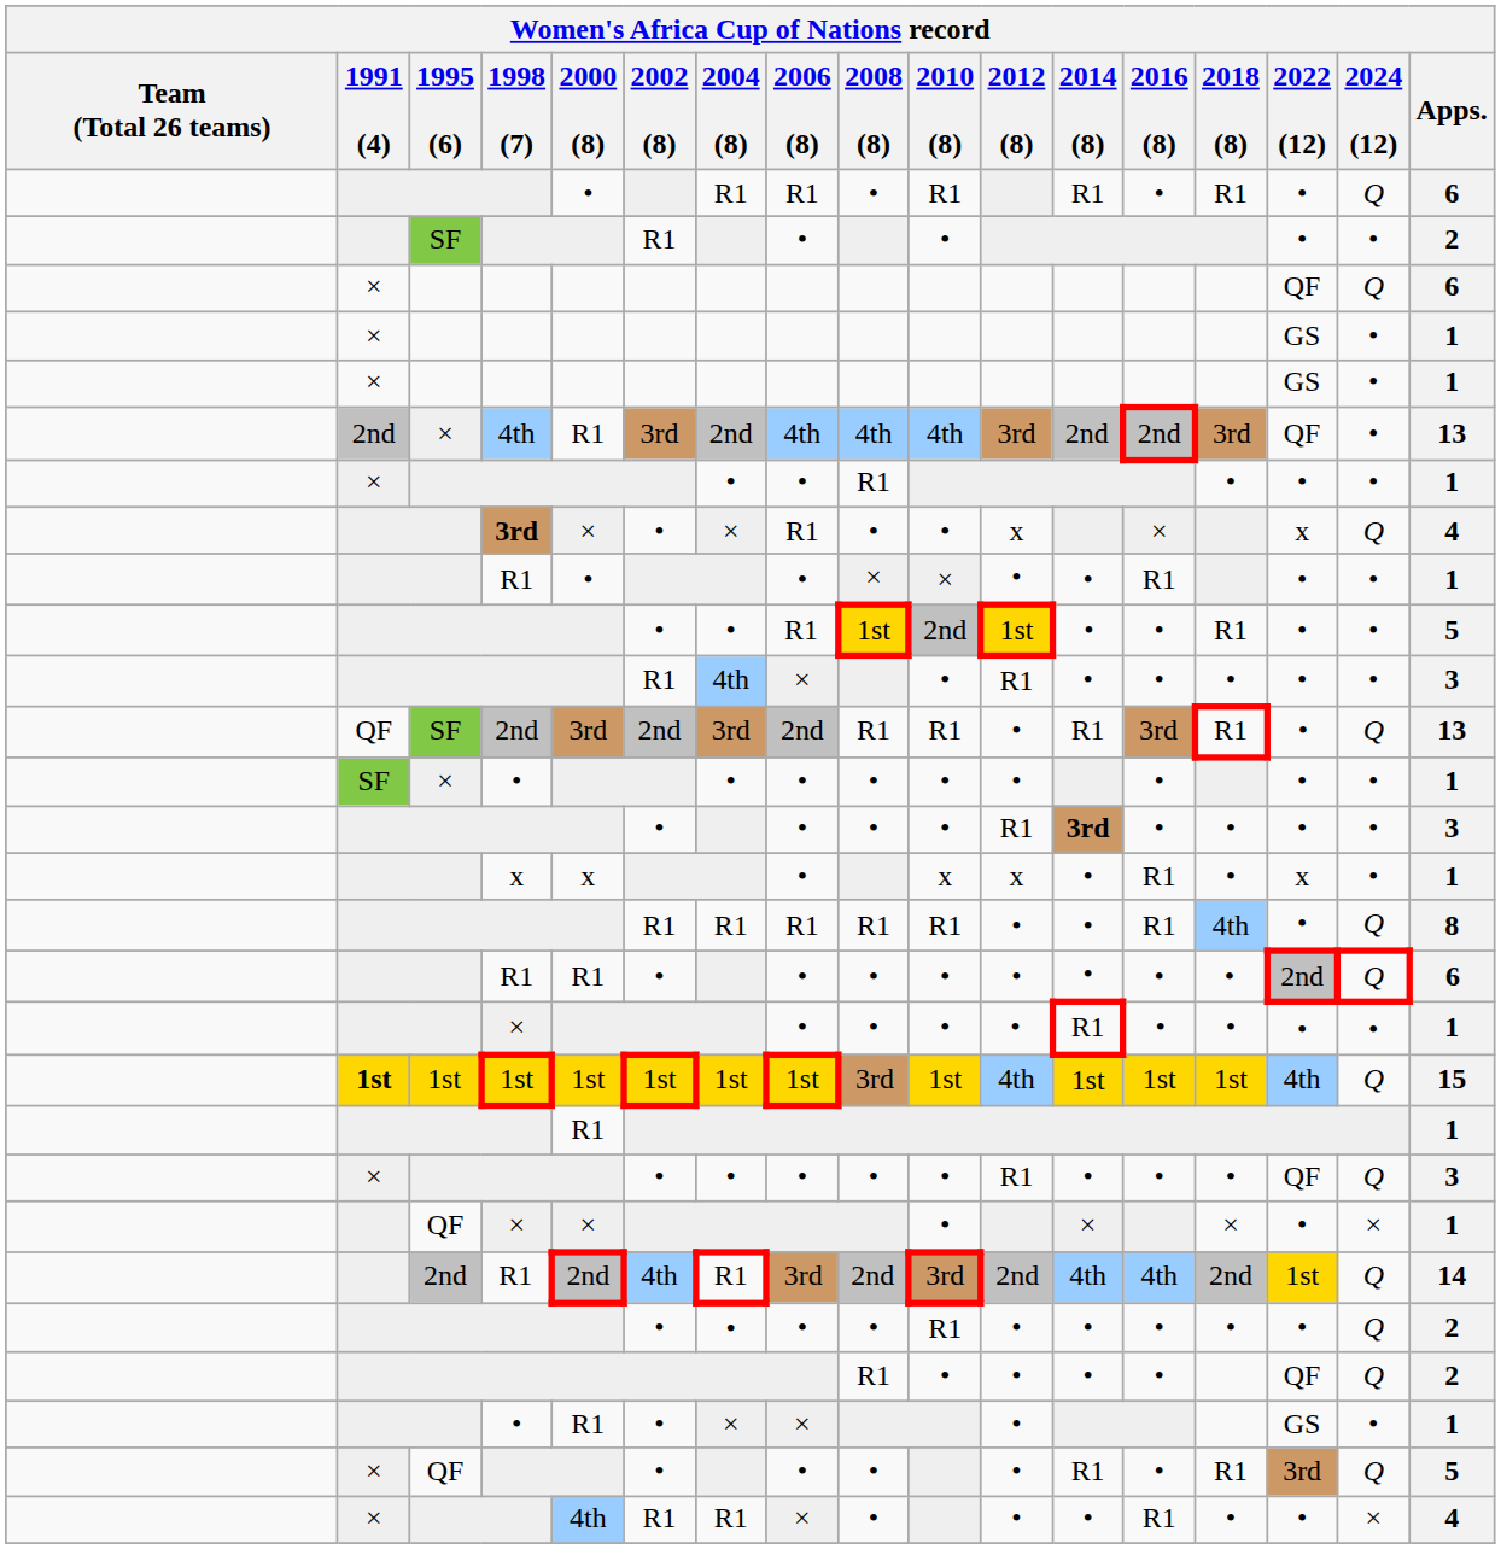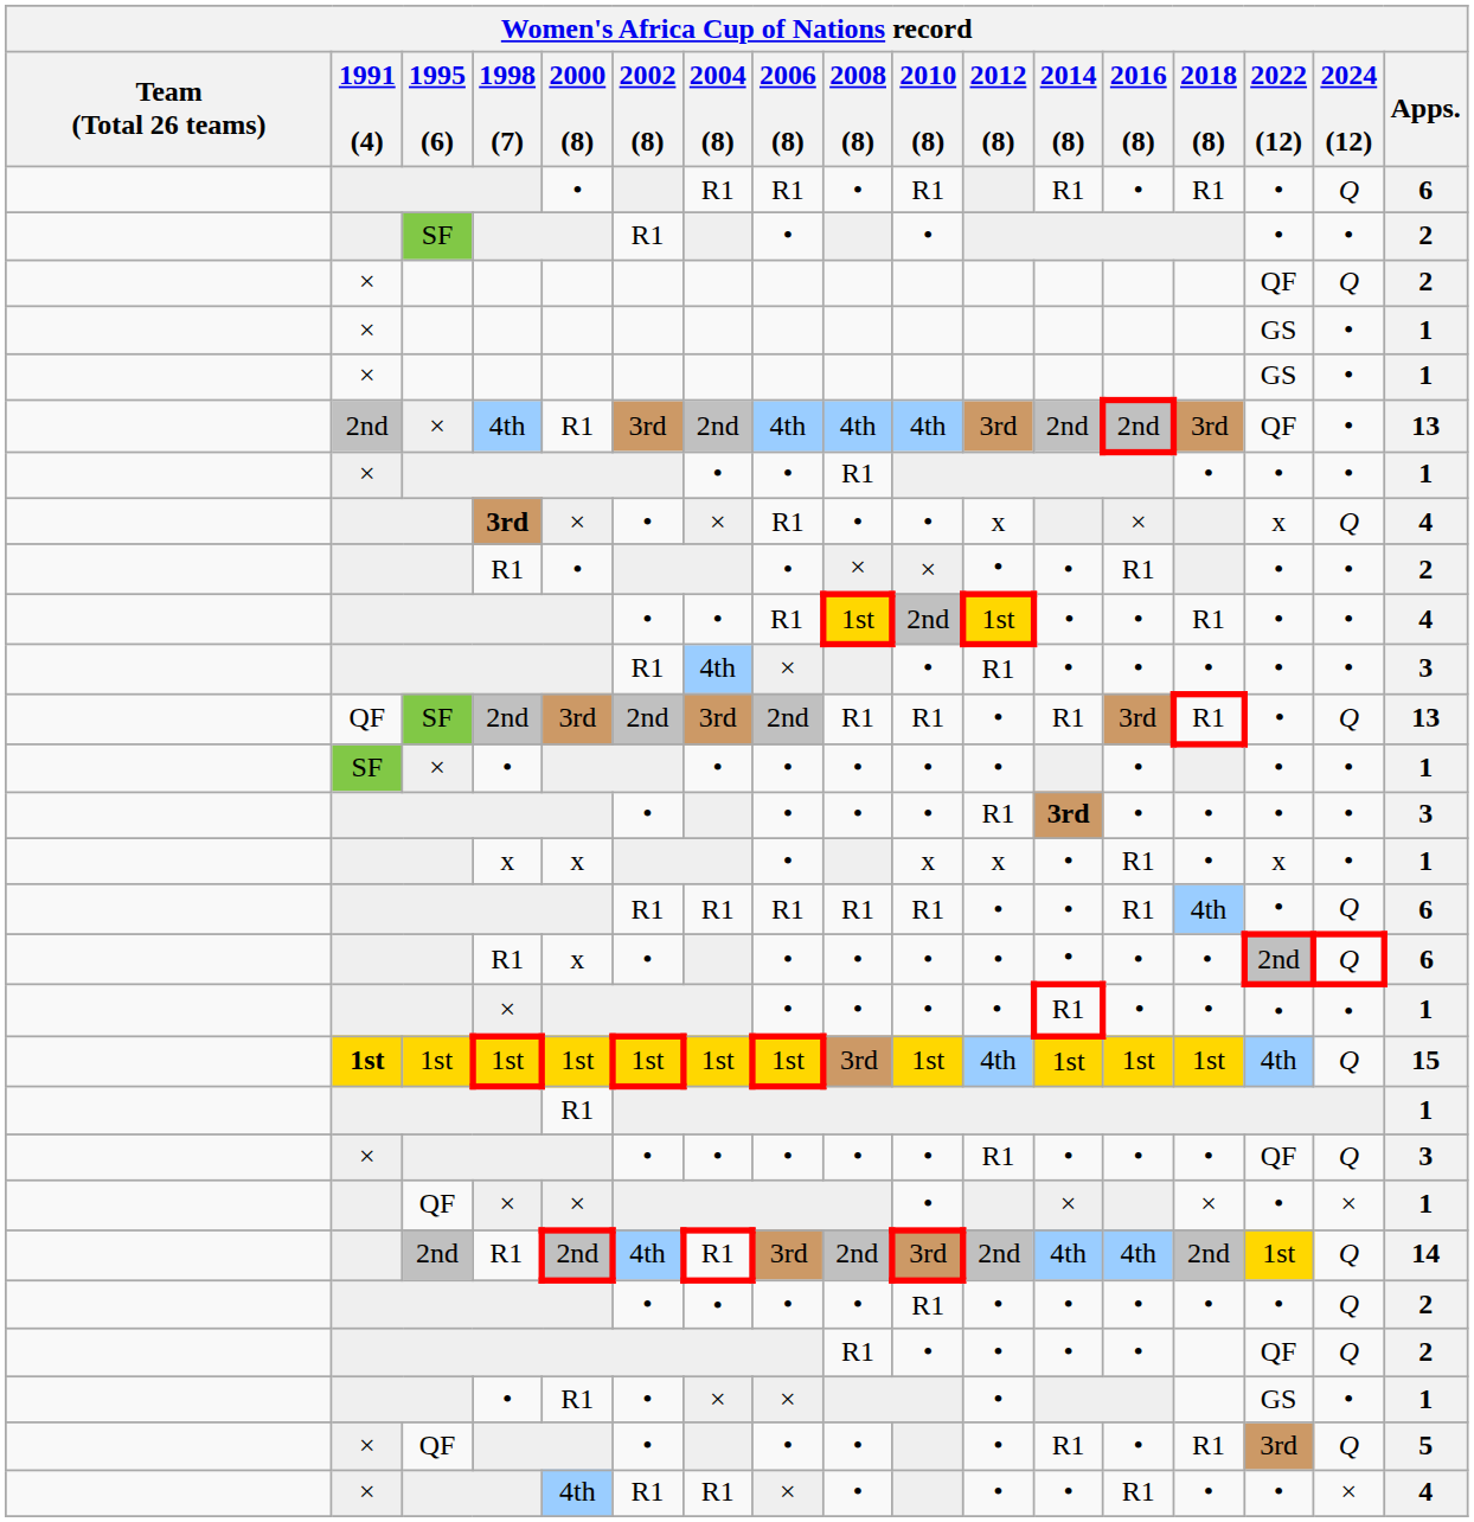 <table class="wikitable" style="text-align:center; font-size:85%">
 <tr>
 <th colspan=18><a href='#'>Women's Africa Cup of Nations</a> record</th>
 </tr>
 <tr>
 <th width=150>Team<br>(Total 26 teams)</th>
 <th><a href='#'>1991</a><br><br>(4)</th>
 <th><a href='#'>1995</a><br><br>(6)</th>
 <th><a href='#'>1998</a><br><br>(7)</th>
 <th><a href='#'>2000</a><br><br>(8)</th>
 <th><a href='#'>2002</a><br><br>(8)</th>
 <th><a href='#'>2004</a><br><br>(8)</th>
 <th><a href='#'>2006</a><br><br>(8)</th>
 <th><a href='#'>2008</a><br><br>(8)</th>
 <th><a href='#'>2010</a><br><br>(8)</th>
 <th><a href='#'>2012</a><br><br>(8)</th>
 <th><a href='#'>2014</a><br><br>(8)</th>
 <th><a href='#'>2016</a><br><br>(8)</th>
 <th><a href='#'>2018</a><br><br>(8)</th>
 <th><a href='#'>2022</a><br><br>(12)</th>
 <th><a href='#'>2024</a><br><br>(12)</th>
 <th>Apps.</th>
 </tr>
 <tr>
 <td align=left></td>
 <td colspan=3 bgcolor="#efefef"></td>
 <td>•</td>
 <td bgcolor="#efefef"></td>
 <td>R1</td>
 <td>R1</td>
 <td>•</td>
 <td>R1</td>
 <td bgcolor="#efefef"></td>
 <td>R1</td>
 <td>•</td>
 <td>R1</td>
 <td>•</td>
 <td><em>Q</em></td>
 <th>6</th>
 </tr>
 <tr>
 <td align=left></td>
 <td bgcolor="#efefef"></td>
 <td style="background:#81c846">SF</td>
 <td colspan=2 bgcolor="#efefef"></td>
 <td>R1</td>
 <td bgcolor="#efefef"></td>
 <td>•</td>
 <td bgcolor="#efefef"></td>
 <td>•</td>
 <td colspan=4 bgcolor="#efefef"></td>
 <td>•</td>
 <td>•</td>
 <th>2</th>
 </tr>
 <tr>
 <td align=left></td>
 <td>×</td>
 <td></td>
 <td></td>
 <td></td>
 <td></td>
 <td></td>
 <td></td>
 <td></td>
 <td></td>
 <td></td>
 <td></td>
 <td></td>
 <td></td>
 <td>QF</td>
 <td><em>Q</em></td>
-<th>6</th>
+<th>2</th>
 </tr>
 <tr>
 <td align=left></td>
 <td>×</td>
 <td></td>
 <td></td>
 <td></td>
 <td></td>
 <td></td>
 <td></td>
 <td></td>
 <td></td>
 <td></td>
 <td></td>
 <td></td>
 <td></td>
 <td>GS</td>
 <td>•</td>
 <th>1</th>
 </tr>
 <tr>
 <td align=left></td>
 <td>×</td>
 <td></td>
 <td></td>
 <td></td>
 <td></td>
 <td></td>
 <td></td>
 <td></td>
 <td></td>
 <td></td>
 <td></td>
 <td></td>
 <td></td>
 <td>GS</td>
 <td>•</td>
 <th>1</th>
 </tr>
 <tr>
 <td align=left></td>
 <td bgcolor=Silver>2nd</td>
 <td bgcolor="#efefef">×</td>
 <td bgcolor=#9acdff>4th</td>
 <td>R1</td>
 <td bgcolor=#cc9966>3rd</td>
 <td bgcolor=Silver>2nd</td>
 <td bgcolor=#9acdff>4th</td>
 <td bgcolor=#9acdff>4th</td>
 <td bgcolor=#9acdff>4th</td>
 <td bgcolor=#cc9966>3rd</td>
 <td bgcolor=Silver>2nd</td>
 <td style="border: 3px solid red" bgcolor=Silver>2nd</td>
 <td bgcolor=#cc9966>3rd</td>
 <td>QF</td>
 <td>•</td>
 <th>13</th>
 </tr>
 <tr>
 <td align=left></td>
 <td bgcolor="#efefef">×</td>
 <td colspan=4 bgcolor="#efefef"></td>
 <td>•</td>
 <td>•</td>
 <td>R1</td>
 <td colspan=4 bgcolor="#efefef"></td>
 <td>•</td>
 <td>•</td>
 <td>•</td>
 <th>1</th>
 </tr>
 <tr>
 <td align=left></td>
 <td colspan=2 bgcolor="#efefef"></td>
 <td bgcolor=#cc9966><strong>3rd</strong></td>
 <td bgcolor="#efefef">×</td>
 <td>•</td>
 <td bgcolor="#efefef">×</td>
 <td>R1</td>
 <td>•</td>
 <td>•</td>
 <td>x</td>
 <td bgcolor="#efefef"></td>
 <td bgcolor="#efefef">×</td>
 <td bgcolor="#efefef"></td>
 <td>x</td>
 <td><em>Q</em></td>
 <th>4</th>
 </tr>
 <tr>
 <td align=left></td>
 <td colspan=2 bgcolor="#efefef"></td>
 <td>R1</td>
 <td>•</td>
 <td colspan=2 bgcolor="#efefef"></td>
 <td>•</td>
 <td bgcolor="#efefef">×</td>
 <td bgcolor="#efefef">×</td>
 <td>•</td>
 <td>•</td>
 <td>R1</td>
 <td bgcolor="#efefef"></td>
 <td>•</td>
 <td>•</td>
-<th>1</th>
+<th>2</th>
 </tr>
 <tr>
 <td align=left></td>
 <td colspan=4 bgcolor="#efefef"></td>
 <td>•</td>
 <td>•</td>
 <td>R1</td>
 <td style="border: 3px solid red" bgcolor=Gold>1st</td>
 <td bgcolor=Silver>2nd</td>
 <td style="border: 3px solid red" bgcolor=Gold>1st</td>
 <td>•</td>
 <td>•</td>
 <td>R1</td>
 <td>•</td>
 <td>•</td>
-<th>5</th>
+<th>4</th>
 </tr>
 <tr>
 <td align=left></td>
 <td colspan=4 bgcolor="#efefef"></td>
 <td>R1</td>
 <td bgcolor=#9acdff>4th</td>
 <td bgcolor="#efefef">×</td>
 <td bgcolor="#efefef"></td>
 <td>•</td>
 <td>R1</td>
 <td>•</td>
 <td>•</td>
 <td>•</td>
 <td>•</td>
 <td>•</td>
 <th>3</th>
 </tr>
 <tr>
 <td align=left></td>
 <td>QF</td>
 <td style="background:#81c846">SF</td>
 <td bgcolor=Silver>2nd</td>
 <td bgcolor=#cc9966>3rd</td>
 <td bgcolor=Silver>2nd</td>
 <td bgcolor=#cc9966>3rd</td>
 <td bgcolor=Silver>2nd</td>
 <td>R1</td>
 <td>R1</td>
 <td>•</td>
 <td>R1</td>
 <td bgcolor=#cc9966>3rd</td>
 <td style="border: 3px solid red">R1</td>
 <td>•</td>
 <td><em>Q</em></td>
 <th>13</th>
 </tr>
 <tr>
 <td align=left></td>
 <td style="background:#81c846">SF</td>
 <td bgcolor="#efefef">×</td>
 <td>•</td>
 <td colspan=2 bgcolor="#efefef"></td>
 <td>•</td>
 <td>•</td>
 <td>•</td>
 <td>•</td>
 <td>•</td>
 <td bgcolor="#efefef"></td>
 <td>•</td>
 <td bgcolor="#efefef"></td>
 <td>•</td>
 <td>•</td>
 <th>1</th>
 </tr>
 <tr>
 <td align=left></td>
 <td colspan=4 bgcolor="#efefef"></td>
 <td>•</td>
 <td bgcolor="#efefef"></td>
 <td>•</td>
 <td>•</td>
 <td>•</td>
 <td>R1</td>
 <td bgcolor=#cc9966><strong>3rd</strong></td>
 <td>•</td>
 <td>•</td>
 <td>•</td>
 <td>•</td>
 <th>3</th>
 </tr>
 <tr>
 <td align=left></td>
 <td colspan=2 bgcolor="#efefef"></td>
 <td>x</td>
 <td>x</td>
 <td colspan=2 bgcolor="#efefef"></td>
 <td>•</td>
 <td bgcolor="#efefef"></td>
 <td>x</td>
 <td>x</td>
 <td>•</td>
 <td>R1</td>
 <td>•</td>
 <td>x</td>
 <td>•</td>
 <th>1</th>
 </tr>
 <tr>
 <td align=left></td>
 <td colspan=4 bgcolor="#efefef"></td>
 <td>R1</td>
 <td>R1</td>
 <td>R1</td>
 <td>R1</td>
 <td>R1</td>
 <td>•</td>
 <td>•</td>
 <td>R1</td>
 <td bgcolor=#9acdff>4th</td>
 <td>•</td>
 <td><em>Q</em></td>
-<th>8</th>
+<th>6</th>
 </tr>
 <tr>
 <td align=left></td>
 <td colspan=2 bgcolor="#efefef"></td>
 <td>R1</td>
-<td>R1</td>
+<td>x</td>
 <td>•</td>
 <td bgcolor="#efefef"></td>
 <td>•</td>
 <td>•</td>
 <td>•</td>
 <td>•</td>
 <td>•</td>
 <td>•</td>
 <td>•</td>
 <td style="border: 3px solid red" bgcolor=Silver>2nd</td>
 <td style="border: 3px solid red"><em>Q</em></td>
 <th>6</th>
 </tr>
 <tr>
 <td align=left></td>
 <td colspan=2 bgcolor="#efefef"></td>
 <td bgcolor="#efefef">×</td>
 <td colspan=3 bgcolor="#efefef"></td>
 <td>•</td>
 <td>•</td>
 <td>•</td>
 <td>•</td>
 <td style="border: 3px solid red">R1</td>
 <td>•</td>
 <td>•</td>
 <td>•</td>
 <td>•</td>
 <th>1</th>
 </tr>
 <tr>
 <td align=left></td>
 <td bgcolor=Gold><strong>1st</strong></td>
 <td bgcolor=Gold>1st</td>
 <td style="border: 3px solid red" bgcolor=Gold>1st</td>
 <td bgcolor=Gold>1st</td>
 <td style="border: 3px solid red" bgcolor=Gold>1st</td>
 <td bgcolor=Gold>1st</td>
 <td style="border: 3px solid red" bgcolor=Gold>1st</td>
 <td bgcolor=#cc9966>3rd</td>
 <td bgcolor=Gold>1st</td>
 <td bgcolor=#9acdff>4th</td>
 <td bgcolor=Gold>1st</td>
 <td bgcolor=Gold>1st</td>
 <td bgcolor=Gold>1st</td>
 <td bgcolor=#9acdff>4th</td>
 <td><em>Q</em></td>
 <th>15</th>
 </tr>
 <tr>
 <td align=left></td>
 <td colspan=3 bgcolor="#efefef"></td>
 <td>R1</td>
 <td colspan=11, bgcolor="#efefef"></td>
 <th>1</th>
 </tr>
 <tr>
 <td align=left></td>
 <td bgcolor="#efefef">×</td>
 <td colspan=3 bgcolor="#efefef"></td>
 <td>•</td>
 <td>•</td>
 <td>•</td>
 <td>•</td>
 <td>•</td>
 <td>R1</td>
 <td>•</td>
 <td>•</td>
 <td>•</td>
 <td>QF</td>
 <td><em>Q</em></td>
 <th>3</th>
 </tr>
 <tr>
 <td align=left></td>
 <td bgcolor="#efefef"></td>
 <td>QF</td>
 <td bgcolor="#efefef">×</td>
 <td bgcolor="#efefef">×</td>
 <td colspan=4 bgcolor="#efefef"></td>
 <td>•</td>
 <td bgcolor="#efefef"></td>
 <td bgcolor="#efefef">×</td>
 <td bgcolor="#efefef"></td>
 <td>×</td>
 <td>•</td>
 <td>×</td>
 <th>1</th>
 </tr>
 <tr>
 <td align=left></td>
 <td bgcolor="#efefef"></td>
 <td bgcolor=Silver>2nd</td>
 <td>R1</td>
 <td style="border: 3px solid red" bgcolor=Silver>2nd</td>
 <td bgcolor=#9acdff>4th</td>
 <td style="border: 3px solid red">R1</td>
 <td bgcolor=#cc9966>3rd</td>
 <td bgcolor=Silver>2nd</td>
 <td style="border: 3px solid red" bgcolor=#cc9966>3rd</td>
 <td bgcolor=Silver>2nd</td>
 <td bgcolor=#9acdff>4th</td>
 <td bgcolor=#9acdff>4th</td>
 <td bgcolor=Silver>2nd</td>
 <td bgcolor=Gold>1st</td>
 <td><em>Q</em></td>
 <th>14</th>
 </tr>
 <tr>
 <td align=left></td>
 <td colspan=4 bgcolor="#efefef"></td>
 <td>•</td>
 <td>•</td>
 <td>•</td>
 <td>•</td>
 <td>R1</td>
 <td>•</td>
 <td>•</td>
 <td>•</td>
 <td>•</td>
 <td>•</td>
 <td><em>Q</em></td>
 <th>2</th>
 </tr>
 <tr>
 <td align=left></td>
 <td colspan=7 bgcolor="#efefef"></td>
 <td>R1</td>
 <td>•</td>
 <td>•</td>
 <td>•</td>
 <td>•</td>
 <td></td>
 <td>QF</td>
 <td><em>Q</em></td>
 <th>2</th>
 </tr>
 <tr>
 <td align=left></td>
 <td colspan=2 bgcolor="#efefef"></td>
 <td>•</td>
 <td>R1</td>
 <td>•</td>
 <td bgcolor="#efefef">×</td>
 <td bgcolor="#efefef">×</td>
 <td colspan=2 bgcolor="#efefef"></td>
 <td>•</td>
 <td colspan=2 bgcolor="#efefef"></td>
 <td></td>
 <td>GS</td>
 <td>•</td>
 <th>1</th>
 </tr>
 <tr>
 <td align=left></td>
 <td bgcolor="#efefef">×</td>
 <td>QF</td>
 <td colspan=2 bgcolor="#efefef"></td>
 <td>•</td>
 <td bgcolor="#efefef"></td>
 <td>•</td>
 <td>•</td>
 <td bgcolor="#efefef"></td>
 <td>•</td>
 <td>R1</td>
 <td>•</td>
 <td>R1</td>
 <td bgcolor=#cc9966>3rd</td>
 <td><em>Q</em></td>
 <th>5</th>
 </tr>
 <tr>
 <td align=left></td>
 <td bgcolor="#efefef">×</td>
 <td colspan=2 bgcolor="#efefef"></td>
 <td bgcolor=#9acdff>4th</td>
 <td>R1</td>
 <td>R1</td>
 <td bgcolor="#efefef">×</td>
 <td>•</td>
 <td bgcolor="#efefef"></td>
 <td>•</td>
 <td>•</td>
 <td>R1</td>
 <td>•</td>
 <td>•</td>
 <td>×</td>
 <th>4</th>
 </tr>
 </table>
